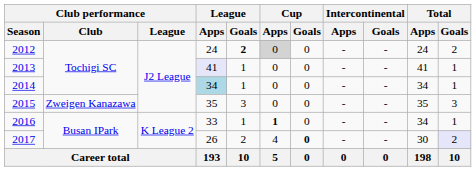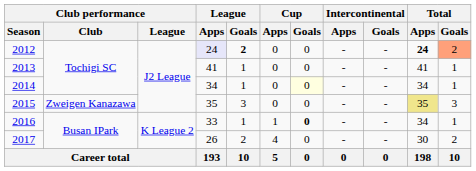 <table class="wikitable" style="text-align:center">
 <tr>
 <th colspan=3>Club performance</th>
 <th colspan=2>League</th>
 <th colspan=2>Cup</th>
 <th colspan=2>Intercontinental</th>
 <th colspan=2>Total</th>
 </tr>
 <tr>
 <th>Season</th>
 <th>Club</th>
 <th>League</th>
 <th>Apps</th>
 <th>Goals</th>
 <th>Apps</th>
 <th>Goals</th>
 <th>Apps</th>
 <th>Goals</th>
 <th>Apps</th>
 <th>Goals</th>
 </tr>
 <tr>
 <td><a href='#'>2012</a></td>
 <td rowspan="3"><a href='#'>Tochigi SC</a></td>
 <td rowspan="4"><a href='#'>J2 League</a></td>
-<td>24</td>
+<td style="background: lavender;">24</td>
 <td><strong>2</strong></td>
-<td style="background: lightgrey;">0</td>
+<td>0</td>
 <td>0</td>
 <td>-</td>
 <td>-</td>
-<td>24</td>
-<td>2</td>
+<td><strong>24</strong></td>
+<td style="background: lightsalmon;">2</td>
 </tr>
 <tr>
 <td><a href='#'>2013</a></td>
-<td style="background: lavender;">41</td>
+<td>41</td>
 <td>1</td>
 <td>0</td>
 <td>0</td>
 <td>-</td>
 <td>-</td>
 <td>41</td>
 <td>1</td>
 </tr>
 <tr>
 <td><a href='#'>2014</a></td>
-<td style="background: lightblue;">34</td>
+<td>34</td>
 <td>1</td>
 <td>0</td>
-<td>0</td>
+<td style="background: lightyellow;">0</td>
 <td>-</td>
 <td>-</td>
 <td>34</td>
 <td>1</td>
 </tr>
 <tr>
 <td><a href='#'>2015</a></td>
 <td><a href='#'>Zweigen Kanazawa</a></td>
 <td>35</td>
 <td>3</td>
 <td>0</td>
 <td>0</td>
 <td>-</td>
 <td>-</td>
-<td>35</td>
+<td style="background: khaki;">35</td>
 <td>3</td>
 </tr>
 <tr>
 <td><a href='#'>2016</a></td>
 <td rowspan="2"><a href='#'>Busan IPark</a></td>
 <td rowspan="2"><a href='#'>K League 2</a></td>
 <td>33</td>
 <td>1</td>
-<td><strong>1</strong></td>
-<td>0</td>
+<td>1</td>
+<td><strong>0</strong></td>
 <td>-</td>
 <td>-</td>
 <td>34</td>
 <td>1</td>
 </tr>
 <tr>
 <td><a href='#'>2017</a></td>
 <td>26</td>
 <td>2</td>
 <td>4</td>
-<td><strong>0</strong></td>
+<td>0</td>
 <td>-</td>
 <td>-</td>
 <td>30</td>
-<td style="background: lavender;">2</td>
+<td>2</td>
 </tr>
 <tr>
 <th colspan=3>Career total</th>
 <th>193</th>
 <th>10</th>
 <th>5</th>
 <th>0</th>
 <th>0</th>
 <th>0</th>
 <th>198</th>
 <th>10</th>
 </tr>
 </table>
